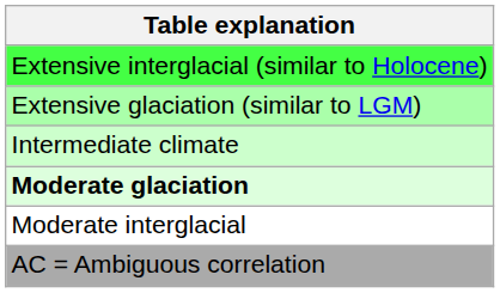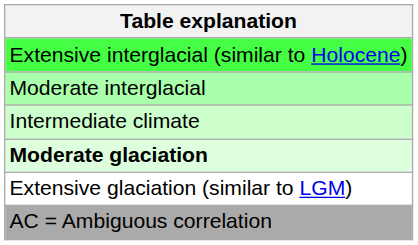 <table class="wikitable">
 <tr>
 <th>Table explanation</th>
 </tr>
 <tr BGCOLOR="#44ff44">
 <td>Extensive interglacial (similar to <a href='#'>Holocene</a>)</td>
 </tr>
 <tr BGCOLOR="#aaffaa">
-<td>Extensive glaciation (similar to <a href='#'>LGM</a>)</td>
+<td>Moderate interglacial</td>
 </tr>
 <tr BGCOLOR="#ccffcc">
 <td>Intermediate climate</td>
 </tr>
 <tr BGCOLOR="#ddffdd">
 <td><strong>Moderate glaciation</strong></td>
 </tr>
 <tr BGCOLOR="#ffffff">
-<td>Moderate interglacial</td>
+<td>Extensive glaciation (similar to <a href='#'>LGM</a>)</td>
 </tr>
 <tr BGCOLOR="#aaaaaa">
 <td>AC = Ambiguous correlation</td>
 </tr>
 </table>
